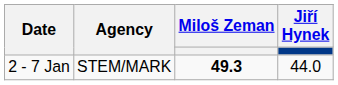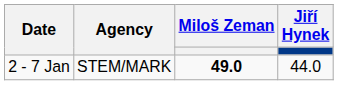 <table class="wikitable collapsible collapsed" style=text-align:center>
 <tr>
 <th rowspan="2">Date</th>
 <th rowspan="2">Agency</th>
 <th><a href='#'>Miloš Zeman</a></th>
 <th><a href='#'>Jiří Hynek</a></th>
 </tr>
 <tr>
 <th style="background:"></th>
 <th style="background:#013888; width:40px;"></th>
 </tr>
 <tr>
 <td>2 - 7 Jan</td>
 <td>STEM/MARK</td>
-<td><strong>49.3</strong></td>
+<td><strong>49.0</strong></td>
 <td>44.0</td>
 </tr>
 </table>
